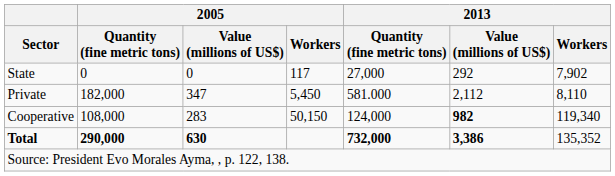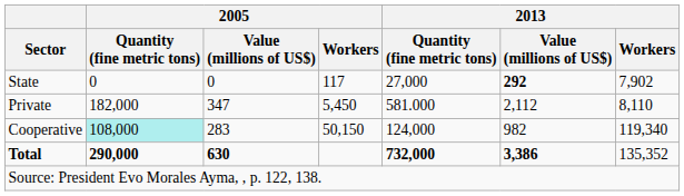 <table class="wikitable">
 <tr>
 <th></th>
 <th colspan="3">2005</th>
 <th colspan="3">2013</th>
 </tr>
 <tr>
 <th>Sector</th>
 <th>Quantity<br>(fine metric tons)</th>
 <th>Value<br>(millions of US$)</th>
 <th>Workers</th>
 <th>Quantity<br>(fine metric tons)</th>
 <th>Value<br>(millions of US$)</th>
 <th>Workers</th>
 </tr>
 <tr>
 <td>State</td>
 <td>0</td>
 <td>0</td>
 <td>117</td>
 <td>27,000</td>
-<td>292</td>
+<td><strong>292</strong></td>
 <td>7,902</td>
 </tr>
 <tr>
 <td>Private</td>
 <td>182,000</td>
 <td>347</td>
 <td>5,450</td>
 <td>581.000</td>
 <td>2,112</td>
 <td>8,110</td>
 </tr>
 <tr>
 <td>Cooperative</td>
-<td>108,000</td>
+<td style="background: paleturquoise;">108,000</td>
 <td>283</td>
 <td>50,150</td>
 <td>124,000</td>
-<td><strong>982</strong></td>
+<td>982</td>
 <td>119,340</td>
 </tr>
 <tr>
 <td><strong>Total</strong></td>
 <td><strong>290,000</strong></td>
 <td><strong>630</strong></td>
 <td></td>
 <td><strong>732,000</strong></td>
 <td><strong>3,386</strong></td>
 <td>135,352</td>
 </tr>
 <tr>
 <td colspan="7">Source: President Evo Morales Ayma, , p. 122, 138.</td>
 </tr>
 </table>
